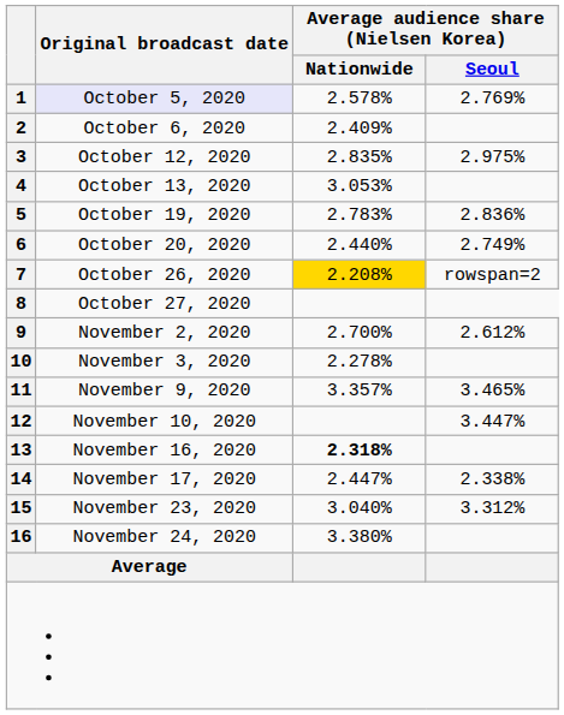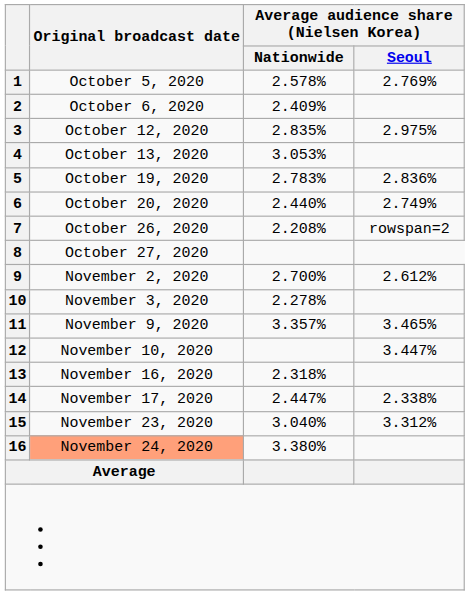 <table class="wikitable" style="text-align:center;max-width:450px; margin-left: auto; margin-right: auto; border: none;">
 <tr>
 </tr>
 <tr>
 <th rowspan="2"></th>
 <th rowspan="2">Original broadcast date</th>
 <th colspan="2">Average audience share<br>(Nielsen Korea)</th>
 </tr>
 <tr>
 <th width="90">Nationwide</th>
 <th width="90"><a href='#'>Seoul</a></th>
 </tr>
 <tr>
 <th>1</th>
-<td style="background: lavender;">October 5, 2020</td>
+<td>October 5, 2020</td>
 <td>2.578%</td>
 <td>2.769%</td>
 </tr>
 <tr>
 <th>2</th>
 <td>October 6, 2020</td>
 <td>2.409%</td>
 <td></td>
 </tr>
 <tr>
 <th>3</th>
 <td>October 12, 2020</td>
 <td>2.835%</td>
 <td>2.975%</td>
 </tr>
 <tr>
 <th>4</th>
 <td>October 13, 2020</td>
 <td>3.053%</td>
 <td></td>
 </tr>
 <tr>
 <th>5</th>
 <td>October 19, 2020</td>
 <td>2.783%</td>
 <td>2.836%</td>
 </tr>
 <tr>
 <th>6</th>
 <td>October 20, 2020</td>
 <td>2.440%</td>
 <td>2.749%</td>
 </tr>
 <tr>
 <th>7</th>
 <td>October 26, 2020</td>
-<td style="background: gold;">2.208%</td>
+<td>2.208%</td>
 <td>rowspan=2 </td>
 </tr>
 <tr>
 <th>8</th>
 <td>October 27, 2020</td>
 <td></td>
 </tr>
 <tr>
 <th>9</th>
 <td>November 2, 2020</td>
 <td>2.700%</td>
 <td>2.612%</td>
 </tr>
 <tr>
 <th>10</th>
 <td>November 3, 2020</td>
 <td>2.278%</td>
 <td></td>
 </tr>
 <tr>
 <th>11</th>
 <td>November 9, 2020</td>
 <td>3.357%</td>
 <td>3.465%</td>
 </tr>
 <tr>
 <th>12</th>
 <td>November 10, 2020</td>
 <td></td>
 <td>3.447%</td>
 </tr>
 <tr>
 <th>13</th>
 <td>November 16, 2020</td>
-<td><strong>2.318%</strong></td>
+<td>2.318%</td>
 <td></td>
 </tr>
 <tr>
 <th>14</th>
 <td>November 17, 2020</td>
 <td>2.447%</td>
 <td>2.338%</td>
 </tr>
 <tr>
 <th>15</th>
 <td>November 23, 2020</td>
 <td>3.040%</td>
 <td>3.312%</td>
 </tr>
 <tr>
 <th>16</th>
-<td>November 24, 2020</td>
+<td style="background: lightsalmon;">November 24, 2020</td>
 <td>3.380%</td>
 <td></td>
 </tr>
 <tr>
 <th colspan="2">Average</th>
 <th></th>
 <th></th>
 </tr>
 <tr>
 <td colspan="6"><br><ul><li></li><li></li><li></li></ul></td>
 </tr>
 </table>
